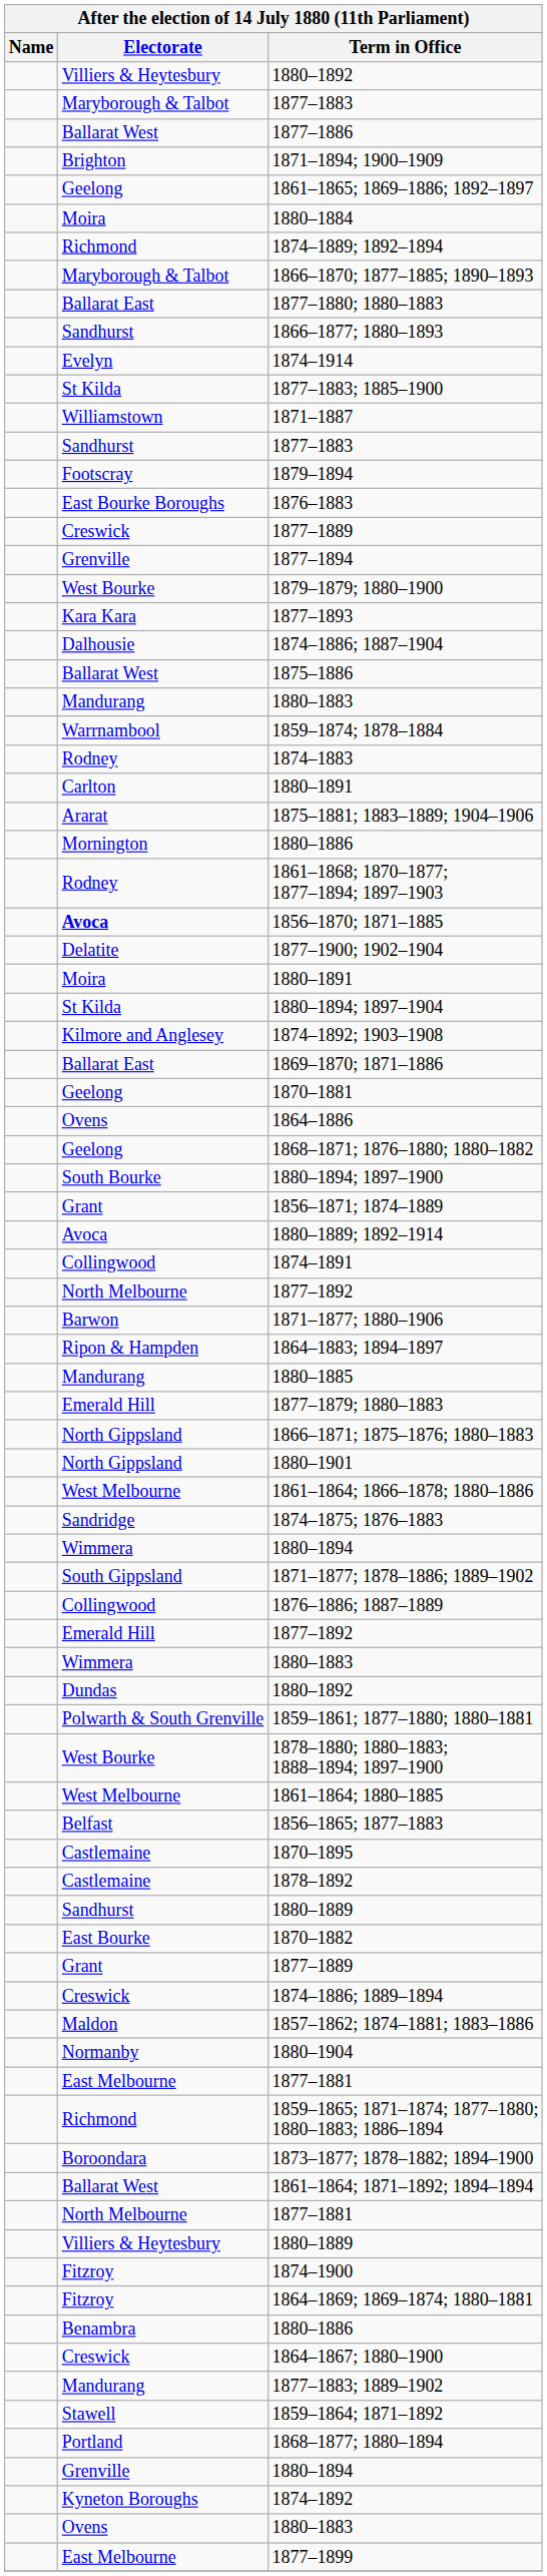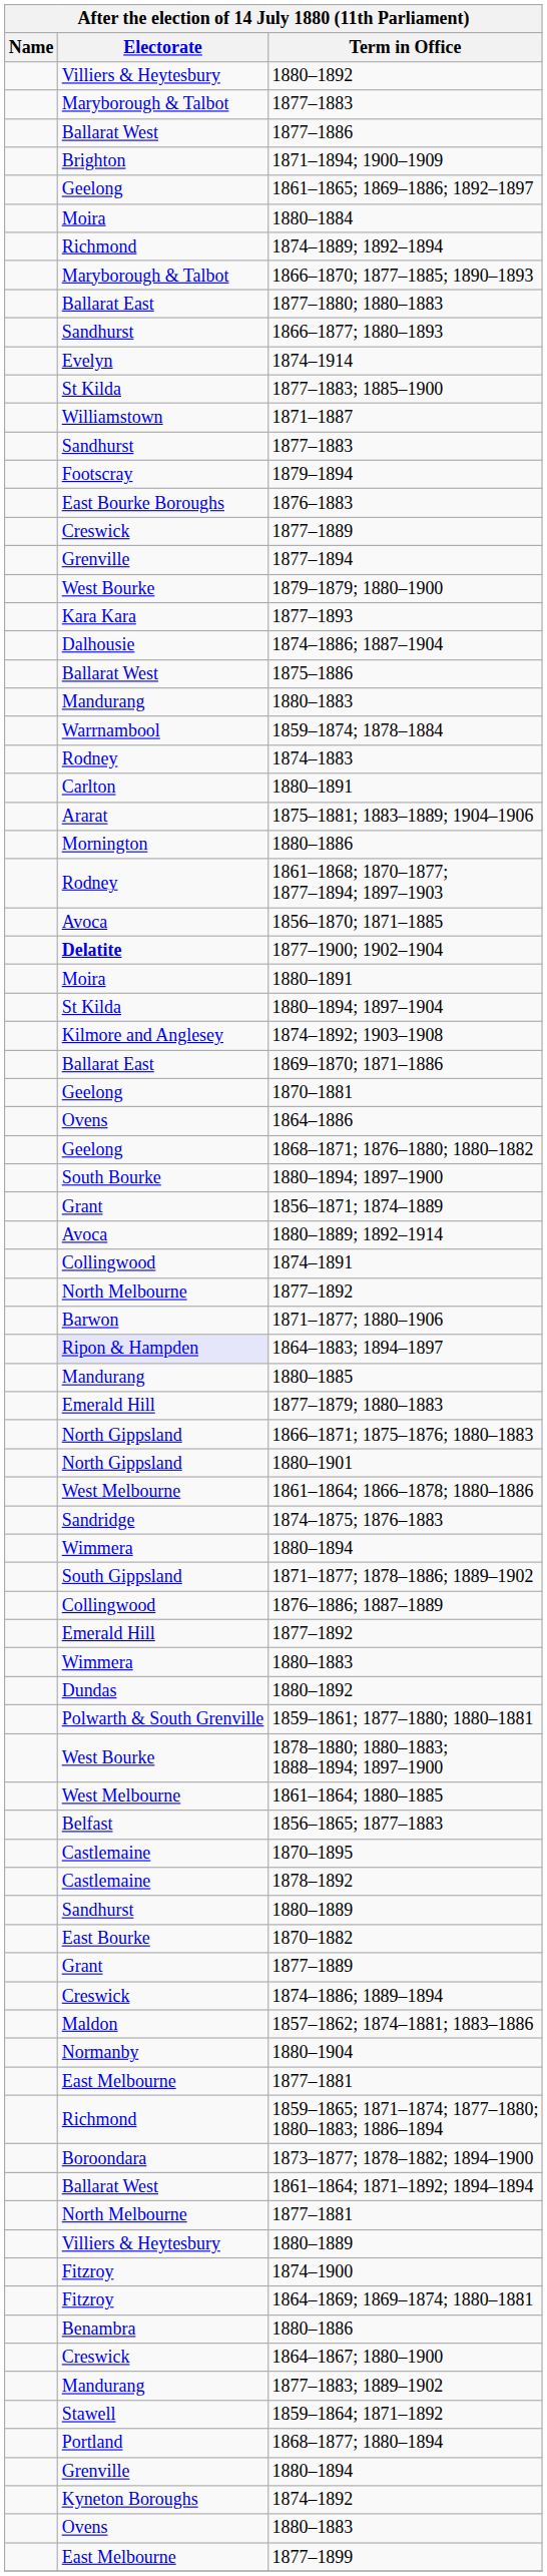 <table class="wikitable sortable">
 <tr>
 <th colspan= 4>After the election of 14 July 1880 (11th Parliament)</th>
 </tr>
 <tr>
 <th>Name</th>
 <th><a href='#'>Electorate</a></th>
 <th>Term in Office</th>
 </tr>
 <tr>
 <td></td>
 <td><a href='#'>Villiers & Heytesbury</a></td>
 <td>1880–1892</td>
 </tr>
 <tr>
 <td></td>
 <td><a href='#'>Maryborough & Talbot</a></td>
 <td>1877–1883</td>
 </tr>
 <tr>
 <td></td>
 <td><a href='#'>Ballarat West</a></td>
 <td>1877–1886</td>
 </tr>
 <tr>
 <td></td>
 <td><a href='#'>Brighton</a></td>
 <td>1871–1894; 1900–1909</td>
 </tr>
 <tr>
 <td></td>
 <td><a href='#'>Geelong</a></td>
 <td>1861–1865; 1869–1886; 1892–1897</td>
 </tr>
 <tr>
 <td></td>
 <td><a href='#'>Moira</a></td>
 <td>1880–1884</td>
 </tr>
 <tr>
 <td></td>
 <td><a href='#'>Richmond</a></td>
 <td>1874–1889; 1892–1894</td>
 </tr>
 <tr>
 <td></td>
 <td><a href='#'>Maryborough & Talbot</a></td>
 <td>1866–1870; 1877–1885; 1890–1893</td>
 </tr>
 <tr>
 <td></td>
 <td><a href='#'>Ballarat East</a></td>
 <td>1877–1880; 1880–1883</td>
 </tr>
 <tr>
 <td></td>
 <td><a href='#'>Sandhurst</a></td>
 <td>1866–1877; 1880–1893</td>
 </tr>
 <tr>
 <td></td>
 <td><a href='#'>Evelyn</a></td>
 <td>1874–1914</td>
 </tr>
 <tr>
 <td></td>
 <td><a href='#'>St Kilda</a></td>
 <td>1877–1883; 1885–1900</td>
 </tr>
 <tr>
 <td></td>
 <td><a href='#'>Williamstown</a></td>
 <td>1871–1887</td>
 </tr>
 <tr>
 <td></td>
 <td><a href='#'>Sandhurst</a></td>
 <td>1877–1883</td>
 </tr>
 <tr>
 <td></td>
 <td><a href='#'>Footscray</a></td>
 <td>1879–1894</td>
 </tr>
 <tr>
 <td></td>
 <td><a href='#'>East Bourke Boroughs</a></td>
 <td>1876–1883</td>
 </tr>
 <tr>
 <td></td>
 <td><a href='#'>Creswick</a></td>
 <td>1877–1889</td>
 </tr>
 <tr>
 <td></td>
 <td><a href='#'>Grenville</a></td>
 <td>1877–1894</td>
 </tr>
 <tr>
 <td></td>
 <td><a href='#'>West Bourke</a></td>
 <td>1879–1879; 1880–1900</td>
 </tr>
 <tr>
 <td></td>
 <td><a href='#'>Kara Kara</a></td>
 <td>1877–1893</td>
 </tr>
 <tr>
 <td></td>
 <td><a href='#'>Dalhousie</a></td>
 <td>1874–1886; 1887–1904</td>
 </tr>
 <tr>
 <td></td>
 <td><a href='#'>Ballarat West</a></td>
 <td>1875–1886</td>
 </tr>
 <tr>
 <td></td>
 <td><a href='#'>Mandurang</a></td>
 <td>1880–1883</td>
 </tr>
 <tr>
 <td></td>
 <td><a href='#'>Warrnambool</a></td>
 <td>1859–1874; 1878–1884</td>
 </tr>
 <tr>
 <td></td>
 <td><a href='#'>Rodney</a></td>
 <td>1874–1883</td>
 </tr>
 <tr>
 <td></td>
 <td><a href='#'>Carlton</a></td>
 <td>1880–1891</td>
 </tr>
 <tr>
 <td> </td>
 <td><a href='#'>Ararat</a></td>
 <td>1875–1881; 1883–1889; 1904–1906</td>
 </tr>
 <tr>
 <td></td>
 <td><a href='#'>Mornington</a></td>
 <td>1880–1886</td>
 </tr>
 <tr>
 <td></td>
 <td><a href='#'>Rodney</a></td>
 <td>1861–1868; 1870–1877;<br>1877–1894; 1897–1903</td>
 </tr>
 <tr>
 <td></td>
-<td><strong><a href='#'>Avoca</a></strong></td>
+<td><a href='#'>Avoca</a></td>
 <td>1856–1870; 1871–1885</td>
 </tr>
 <tr>
 <td></td>
-<td><a href='#'>Delatite</a></td>
+<td><strong><a href='#'>Delatite</a></strong></td>
 <td>1877–1900; 1902–1904</td>
 </tr>
 <tr>
 <td></td>
 <td><a href='#'>Moira</a></td>
 <td>1880–1891</td>
 </tr>
 <tr>
 <td></td>
 <td><a href='#'>St Kilda</a></td>
 <td>1880–1894; 1897–1904</td>
 </tr>
 <tr>
 <td></td>
 <td><a href='#'>Kilmore and Anglesey</a></td>
 <td>1874–1892; 1903–1908</td>
 </tr>
 <tr>
 <td></td>
 <td><a href='#'>Ballarat East</a></td>
 <td>1869–1870; 1871–1886</td>
 </tr>
 <tr>
 <td> </td>
 <td><a href='#'>Geelong</a></td>
 <td>1870–1881</td>
 </tr>
 <tr>
 <td></td>
 <td><a href='#'>Ovens</a></td>
 <td>1864–1886</td>
 </tr>
 <tr>
 <td> </td>
 <td><a href='#'>Geelong</a></td>
 <td>1868–1871; 1876–1880; 1880–1882</td>
 </tr>
 <tr>
 <td></td>
 <td><a href='#'>South Bourke</a></td>
 <td>1880–1894; 1897–1900</td>
 </tr>
 <tr>
 <td></td>
 <td><a href='#'>Grant</a></td>
 <td>1856–1871; 1874–1889</td>
 </tr>
 <tr>
 <td></td>
 <td><a href='#'>Avoca</a></td>
 <td>1880–1889; 1892–1914</td>
 </tr>
 <tr>
 <td></td>
 <td><a href='#'>Collingwood</a></td>
 <td>1874–1891</td>
 </tr>
 <tr>
 <td></td>
 <td><a href='#'>North Melbourne</a></td>
 <td>1877–1892</td>
 </tr>
 <tr>
 <td></td>
 <td><a href='#'>Barwon</a></td>
 <td>1871–1877; 1880–1906</td>
 </tr>
 <tr>
 <td></td>
-<td><a href='#'>Ripon & Hampden</a></td>
+<td style="background: lavender;"><a href='#'>Ripon & Hampden</a></td>
 <td>1864–1883; 1894–1897</td>
 </tr>
 <tr>
 <td></td>
 <td><a href='#'>Mandurang</a></td>
 <td>1880–1885</td>
 </tr>
 <tr>
 <td></td>
 <td><a href='#'>Emerald Hill</a></td>
 <td>1877–1879; 1880–1883</td>
 </tr>
 <tr>
 <td></td>
 <td><a href='#'>North Gippsland</a></td>
 <td>1866–1871; 1875–1876; 1880–1883</td>
 </tr>
 <tr>
 <td></td>
 <td><a href='#'>North Gippsland</a></td>
 <td>1880–1901</td>
 </tr>
 <tr>
 <td></td>
 <td><a href='#'>West Melbourne</a></td>
 <td>1861–1864; 1866–1878; 1880–1886</td>
 </tr>
 <tr>
 <td></td>
 <td><a href='#'>Sandridge</a></td>
 <td>1874–1875; 1876–1883</td>
 </tr>
 <tr>
 <td></td>
 <td><a href='#'>Wimmera</a></td>
 <td>1880–1894</td>
 </tr>
 <tr>
 <td></td>
 <td><a href='#'>South Gippsland</a></td>
 <td>1871–1877; 1878–1886; 1889–1902</td>
 </tr>
 <tr>
 <td></td>
 <td><a href='#'>Collingwood</a></td>
 <td>1876–1886; 1887–1889</td>
 </tr>
 <tr>
 <td></td>
 <td><a href='#'>Emerald Hill</a></td>
 <td>1877–1892</td>
 </tr>
 <tr>
 <td></td>
 <td><a href='#'>Wimmera</a></td>
 <td>1880–1883</td>
 </tr>
 <tr>
 <td></td>
 <td><a href='#'>Dundas</a></td>
 <td>1880–1892</td>
 </tr>
 <tr>
 <td> </td>
 <td><a href='#'>Polwarth & South Grenville</a></td>
 <td>1859–1861; 1877–1880; 1880–1881</td>
 </tr>
 <tr>
 <td></td>
 <td><a href='#'>West Bourke</a></td>
 <td>1878–1880; 1880–1883;<br>1888–1894; 1897–1900</td>
 </tr>
 <tr>
 <td></td>
 <td><a href='#'>West Melbourne</a></td>
 <td>1861–1864; 1880–1885</td>
 </tr>
 <tr>
 <td></td>
 <td><a href='#'>Belfast</a></td>
 <td>1856–1865; 1877–1883</td>
 </tr>
 <tr>
 <td></td>
 <td><a href='#'>Castlemaine</a></td>
 <td>1870–1895</td>
 </tr>
 <tr>
 <td></td>
 <td><a href='#'>Castlemaine</a></td>
 <td>1878–1892</td>
 </tr>
 <tr>
 <td></td>
 <td><a href='#'>Sandhurst</a></td>
 <td>1880–1889</td>
 </tr>
 <tr>
 <td> </td>
 <td><a href='#'>East Bourke</a></td>
 <td>1870–1882</td>
 </tr>
 <tr>
 <td></td>
 <td><a href='#'>Grant</a></td>
 <td>1877–1889</td>
 </tr>
 <tr>
 <td></td>
 <td><a href='#'>Creswick</a></td>
 <td>1874–1886; 1889–1894</td>
 </tr>
 <tr>
 <td> </td>
 <td><a href='#'>Maldon</a></td>
 <td>1857–1862; 1874–1881; 1883–1886</td>
 </tr>
 <tr>
 <td></td>
 <td><a href='#'>Normanby</a></td>
 <td>1880–1904</td>
 </tr>
 <tr>
 <td> </td>
 <td><a href='#'>East Melbourne</a></td>
 <td>1877–1881</td>
 </tr>
 <tr>
 <td></td>
 <td><a href='#'>Richmond</a></td>
 <td>1859–1865; 1871–1874; 1877–1880;<br>1880–1883; 1886–1894</td>
 </tr>
 <tr>
 <td> </td>
 <td><a href='#'>Boroondara</a></td>
 <td>1873–1877; 1878–1882; 1894–1900</td>
 </tr>
 <tr>
 <td></td>
 <td><a href='#'>Ballarat West</a></td>
 <td>1861–1864; 1871–1892; 1894–1894</td>
 </tr>
 <tr>
 <td> </td>
 <td><a href='#'>North Melbourne</a></td>
 <td>1877–1881</td>
 </tr>
 <tr>
 <td></td>
 <td><a href='#'>Villiers & Heytesbury</a></td>
 <td>1880–1889</td>
 </tr>
 <tr>
 <td></td>
 <td><a href='#'>Fitzroy</a></td>
 <td>1874–1900</td>
 </tr>
 <tr>
 <td> </td>
 <td><a href='#'>Fitzroy</a></td>
 <td>1864–1869; 1869–1874; 1880–1881</td>
 </tr>
 <tr>
 <td></td>
 <td><a href='#'>Benambra</a></td>
 <td>1880–1886</td>
 </tr>
 <tr>
 <td></td>
 <td><a href='#'>Creswick</a></td>
 <td>1864–1867; 1880–1900</td>
 </tr>
 <tr>
 <td></td>
 <td><a href='#'>Mandurang</a></td>
 <td>1877–1883; 1889–1902</td>
 </tr>
 <tr>
 <td></td>
 <td><a href='#'>Stawell</a></td>
 <td>1859–1864; 1871–1892</td>
 </tr>
 <tr>
 <td></td>
 <td><a href='#'>Portland</a></td>
 <td>1868–1877; 1880–1894</td>
 </tr>
 <tr>
 <td></td>
 <td><a href='#'>Grenville</a></td>
 <td>1880–1894</td>
 </tr>
 <tr>
 <td></td>
 <td><a href='#'>Kyneton Boroughs</a></td>
 <td>1874–1892</td>
 </tr>
 <tr>
 <td></td>
 <td><a href='#'>Ovens</a></td>
 <td>1880–1883</td>
 </tr>
 <tr>
 <td></td>
 <td><a href='#'>East Melbourne</a></td>
 <td>1877–1899</td>
 </tr>
 <tr>
 </tr>
 </table>
